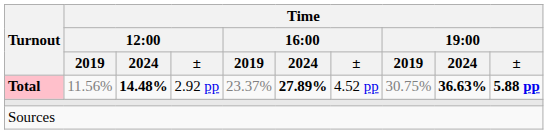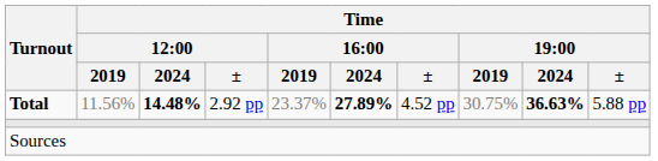 <table class="wikitable sortable" style="text-align:right;">
 <tr>
 <th rowspan="3">Turnout</th>
 <th colspan="9">Time</th>
 </tr>
 <tr>
 <th colspan="3">12:00</th>
 <th colspan="3">16:00</th>
 <th colspan="3">19:00</th>
 </tr>
 <tr>
 <th>2019</th>
 <th>2024</th>
 <th>±</th>
 <th>2019</th>
 <th>2024</th>
 <th>±</th>
 <th>2019</th>
 <th>2024</th>
 <th>±</th>
 </tr>
 <tr>
-<td align="left" style="background: pink;"><strong>Total</strong></td>
+<td align="left"><strong>Total</strong></td>
 <td style="color:gray;">11.56%</td>
 <td><strong>14.48%</strong></td>
 <td> 2.92 <a href='#'>pp</a></td>
 <td style="color:gray;">23.37%</td>
 <td><strong>27.89%</strong></td>
 <td> 4.52 <a href='#'>pp</a></td>
 <td style="color:gray;">30.75%</td>
 <td><strong>36.63%</strong></td>
-<td><strong> 5.88 <a href='#'>pp</a></strong></td>
+<td> 5.88 <a href='#'>pp</a></td>
 </tr>
 <tr>
 <td colspan="10" bgcolor="#E9E9E9"></td>
 </tr>
 <tr>
 <td align="left" colspan="10">Sources</td>
 </tr>
 </table>
